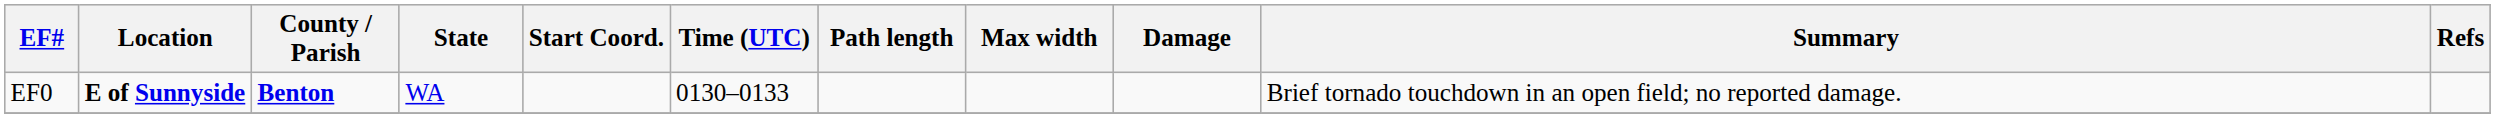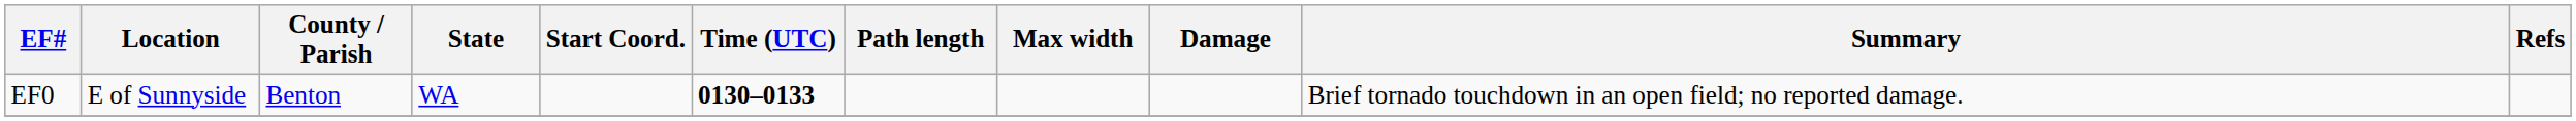 <table class="wikitable sortable" style="width:100%;">
 <tr>
 <th scope="col" width="3%" align="center"><a href='#'>EF#</a></th>
 <th scope="col" width="7%" align="center" class="unsortable">Location</th>
 <th scope="col" width="6%" align="center" class="unsortable">County / Parish</th>
 <th scope="col" width="5%" align="center">State</th>
 <th scope="col" width="6%" align="center">Start Coord.</th>
 <th scope="col" width="6%" align="center">Time (<a href='#'>UTC</a>)</th>
 <th scope="col" width="6%" align="center">Path length</th>
 <th scope="col" width="6%" align="center">Max width</th>
 <th scope="col" width="6%" align="center">Damage</th>
 <th scope="col" width="48%" class="unsortable" align="center">Summary</th>
 <th scope="col" width="48%" class="unsortable" align="center">Refs</th>
 </tr>
 <tr>
 <td>EF0</td>
-<td><strong>E of <a href='#'>Sunnyside</a></strong></td>
-<td><strong><a href='#'>Benton</a></strong></td>
+<td>E of <a href='#'>Sunnyside</a></td>
+<td><a href='#'>Benton</a></td>
 <td><a href='#'>WA</a></td>
 <td></td>
-<td>0130–0133</td>
+<td><strong>0130–0133</strong></td>
 <td></td>
 <td></td>
 <td></td>
 <td>Brief tornado touchdown in an open field; no reported damage.</td>
 <td></td>
 </tr>
 <tr>
 </tr>
 </table>
